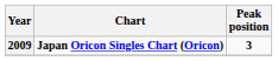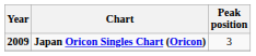 <table class="wikitable sortable plainrowheaders" style="text-align:center">
 <tr>
 <th scope="col">Year</th>
 <th scope="col">Chart</th>
 <th scope="col">Peak<br>position</th>
 </tr>
 <tr>
 <th scope="row">2009</th>
 <td><strong>Japan <a href='#'>Oricon Singles Chart</a> (<a href='#'>Oricon</a>)</strong></td>
-<td><strong>3</strong></td>
+<td>3</td>
 </tr>
 <tr>
 </tr>
 </table>
